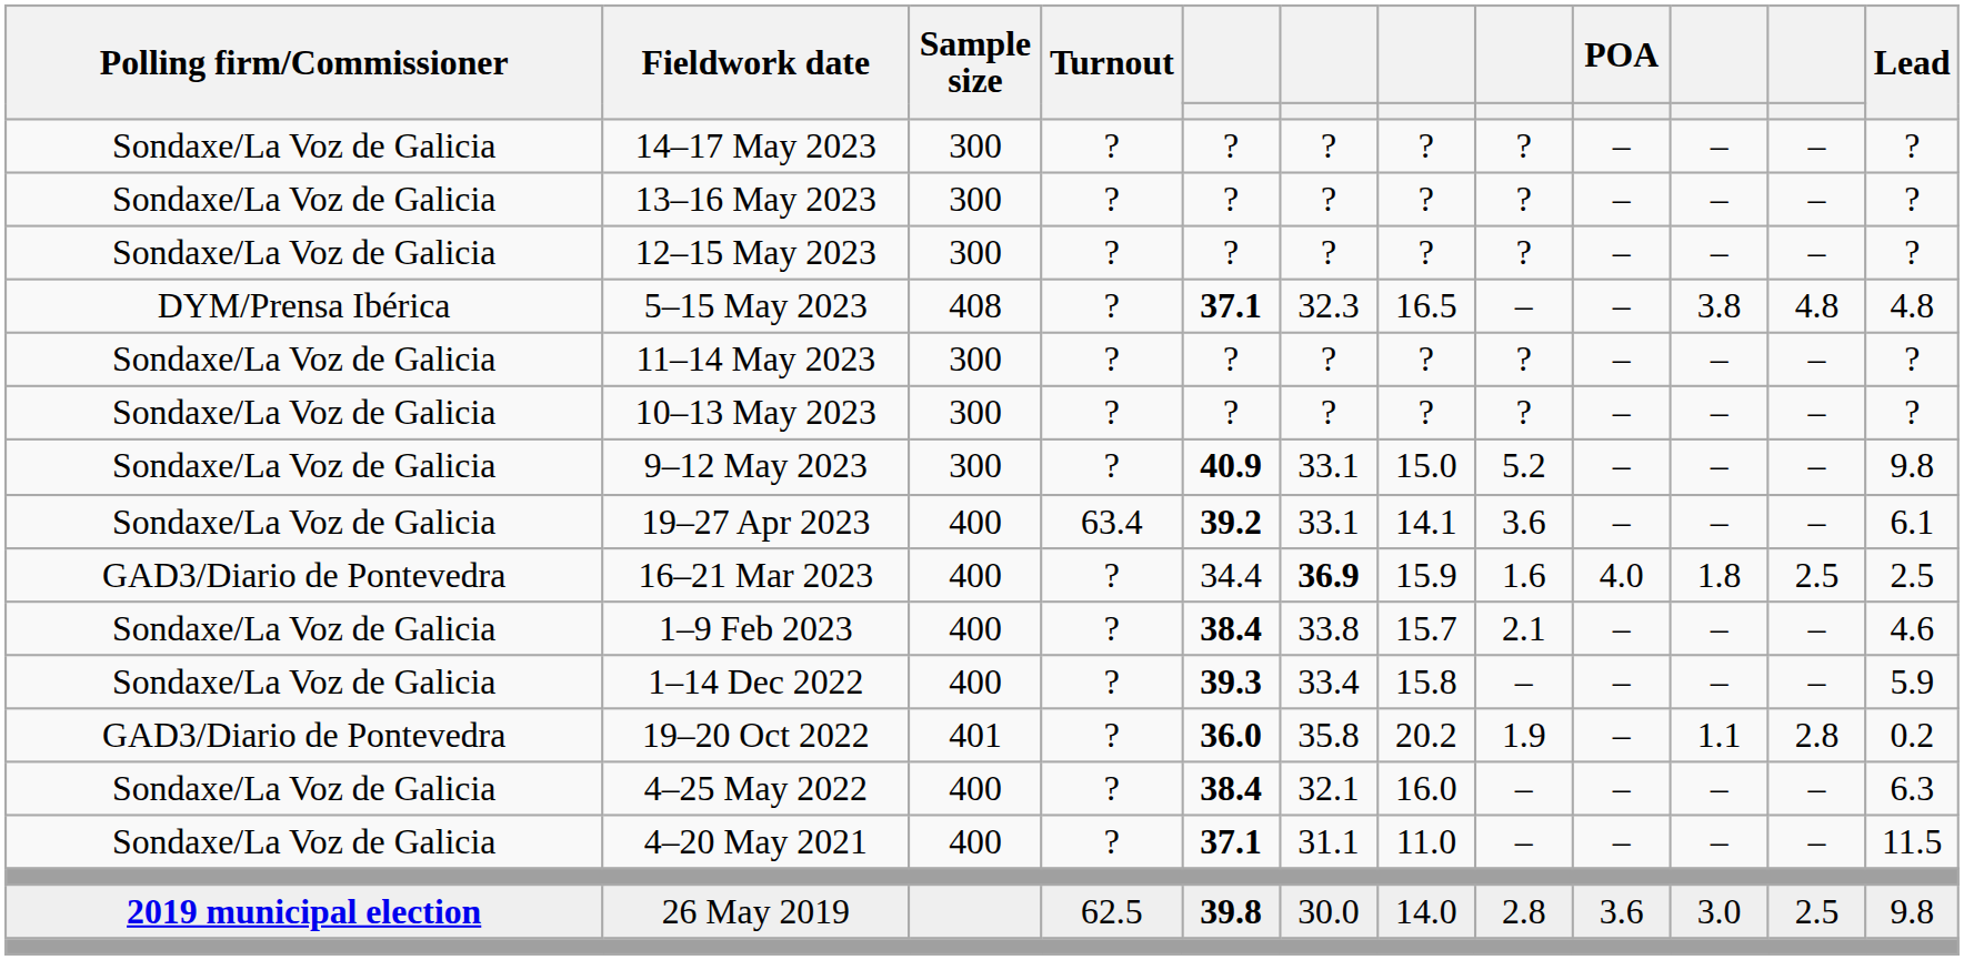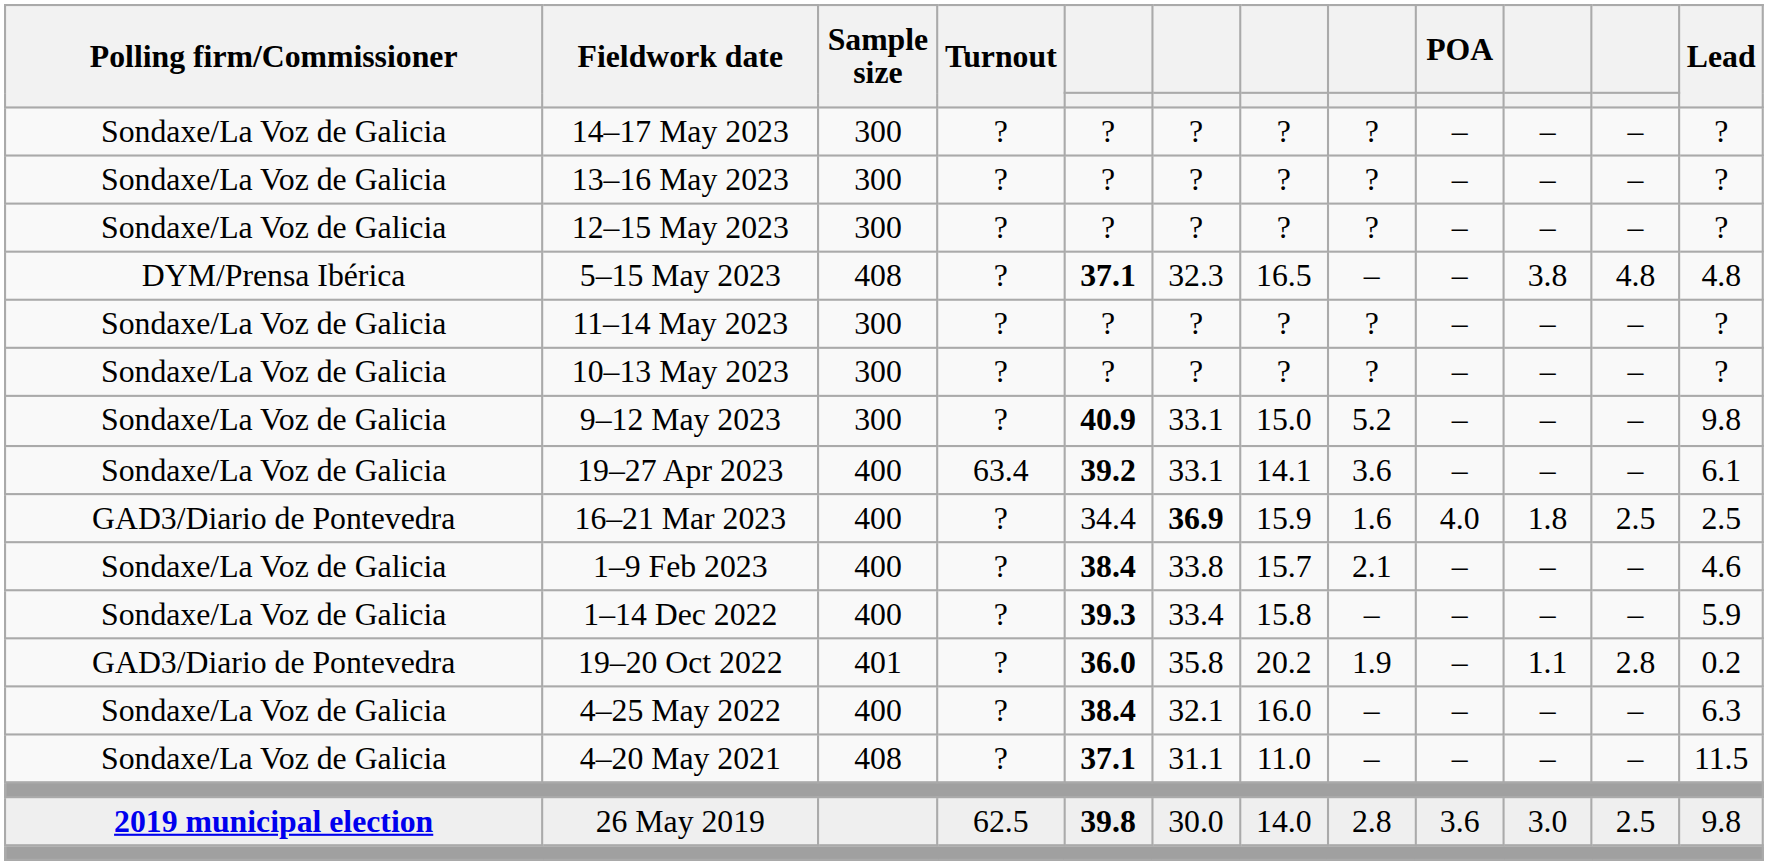 <table class="wikitable collapsible collapsed" style="text-align:center; font-size:95%; line-height:16px;">
 <tr style="height:42px;">
 <th style="width:250px;" rowspan="2">Polling firm/Commissioner</th>
 <th style="width:125px;" rowspan="2">Fieldwork date</th>
 <th style="width:50px;" rowspan="2">Sample size</th>
 <th style="width:45px;" rowspan="2">Turnout</th>
 <th style="width:35px;"></th>
 <th style="width:35px;"></th>
 <th style="width:35px;"></th>
 <th style="width:35px;"></th>
 <th style="width:35px;">POA</th>
 <th style="width:35px;"></th>
 <th style="width:35px;"></th>
 <th style="width:30px;" rowspan="2">Lead</th>
 </tr>
 <tr>
 <th style="color:inherit;background:"></th>
 <th style="color:inherit;background:"></th>
 <th style="color:inherit;background:"></th>
 <th style="color:inherit;background:"></th>
 <th style="color:inherit;background:"></th>
 <th style="color:inherit;background:"></th>
 <th style="color:inherit;background:"></th>
 </tr>
 <tr>
 <td>Sondaxe/La Voz de Galicia</td>
 <td>14–17 May 2023</td>
 <td>300</td>
 <td>?</td>
 <td>?<br></td>
 <td>?<br></td>
 <td>?<br></td>
 <td>?<br></td>
 <td>–</td>
 <td>–</td>
 <td>–</td>
 <td style="background:">?</td>
 </tr>
 <tr>
 <td>Sondaxe/La Voz de Galicia</td>
 <td>13–16 May 2023</td>
 <td>300</td>
 <td>?</td>
 <td>?<br></td>
 <td>?<br></td>
 <td>?<br></td>
 <td>?<br></td>
 <td>–</td>
 <td>–</td>
 <td>–</td>
 <td style="background:">?</td>
 </tr>
 <tr>
 <td>Sondaxe/La Voz de Galicia</td>
 <td>12–15 May 2023</td>
 <td>300</td>
 <td>?</td>
 <td>?<br></td>
 <td>?<br></td>
 <td>?<br></td>
 <td>?<br></td>
 <td>–</td>
 <td>–</td>
 <td>–</td>
 <td style="background:">?</td>
 </tr>
 <tr>
 <td>DYM/Prensa Ibérica</td>
 <td>5–15 May 2023</td>
 <td>408</td>
 <td>?</td>
 <td><strong>37.1</strong><br></td>
 <td>32.3<br></td>
 <td>16.5<br></td>
 <td>–</td>
 <td>–</td>
 <td>3.8<br></td>
 <td>4.8<br></td>
 <td style="background:">4.8</td>
 </tr>
 <tr>
 <td>Sondaxe/La Voz de Galicia</td>
 <td>11–14 May 2023</td>
 <td>300</td>
 <td>?</td>
 <td>?<br></td>
 <td>?<br></td>
 <td>?<br></td>
 <td>?<br></td>
 <td>–</td>
 <td>–</td>
 <td>–</td>
 <td style="background:">?</td>
 </tr>
 <tr>
 <td>Sondaxe/La Voz de Galicia</td>
 <td>10–13 May 2023</td>
 <td>300</td>
 <td>?</td>
 <td>?<br></td>
 <td>?<br></td>
 <td>?<br></td>
 <td>?<br></td>
 <td>–</td>
 <td>–</td>
 <td>–</td>
 <td style="background:">?</td>
 </tr>
 <tr>
 <td>Sondaxe/La Voz de Galicia</td>
 <td>9–12 May 2023</td>
 <td>300</td>
 <td>?</td>
 <td><strong>40.9</strong><br></td>
 <td>33.1<br></td>
 <td>15.0<br></td>
 <td>5.2<br></td>
 <td>–</td>
 <td>–</td>
 <td>–</td>
 <td style="background:">9.8</td>
 </tr>
 <tr>
 <td>Sondaxe/La Voz de Galicia</td>
 <td>19–27 Apr 2023</td>
 <td>400</td>
 <td>63.4</td>
 <td><strong>39.2</strong><br></td>
 <td>33.1<br></td>
 <td>14.1<br></td>
 <td>3.6<br></td>
 <td>–</td>
 <td>–</td>
 <td>–</td>
 <td style="background:">6.1</td>
 </tr>
 <tr>
 <td>GAD3/Diario de Pontevedra</td>
 <td>16–21 Mar 2023</td>
 <td>400</td>
 <td>?</td>
 <td>34.4<br></td>
 <td><strong>36.9</strong><br></td>
 <td>15.9<br></td>
 <td>1.6<br></td>
 <td>4.0<br></td>
 <td>1.8<br></td>
 <td>2.5<br></td>
 <td style="background:">2.5</td>
 </tr>
 <tr>
 <td>Sondaxe/La Voz de Galicia</td>
 <td>1–9 Feb 2023</td>
 <td>400</td>
 <td>?</td>
 <td><strong>38.4</strong><br></td>
 <td>33.8<br></td>
 <td>15.7<br></td>
 <td>2.1<br></td>
 <td>–</td>
 <td>–</td>
 <td>–</td>
 <td style="background:">4.6</td>
 </tr>
 <tr>
 <td>Sondaxe/La Voz de Galicia</td>
 <td>1–14 Dec 2022</td>
 <td>400</td>
 <td>?</td>
 <td><strong>39.3</strong><br></td>
 <td>33.4<br></td>
 <td>15.8<br></td>
 <td>–</td>
 <td>–</td>
 <td>–</td>
 <td>–</td>
 <td style="background:">5.9</td>
 </tr>
 <tr>
 <td>GAD3/Diario de Pontevedra</td>
 <td>19–20 Oct 2022</td>
 <td>401</td>
 <td>?</td>
 <td><strong>36.0</strong><br></td>
 <td>35.8<br></td>
 <td>20.2<br></td>
 <td>1.9<br></td>
 <td>–</td>
 <td>1.1<br></td>
 <td>2.8<br></td>
 <td style="background:">0.2</td>
 </tr>
 <tr>
 <td>Sondaxe/La Voz de Galicia</td>
 <td>4–25 May 2022</td>
 <td>400</td>
 <td>?</td>
 <td><strong>38.4</strong><br></td>
 <td>32.1<br></td>
 <td>16.0<br></td>
 <td>–</td>
 <td>–</td>
 <td>–</td>
 <td>–</td>
 <td style="background:">6.3</td>
 </tr>
 <tr>
 <td>Sondaxe/La Voz de Galicia</td>
 <td>4–20 May 2021</td>
-<td>400</td>
+<td>408</td>
 <td>?</td>
 <td><strong>37.1</strong><br></td>
 <td>31.1<br></td>
 <td>11.0<br></td>
 <td>–</td>
 <td>–</td>
 <td>–</td>
 <td>–</td>
 <td style="background:">11.5</td>
 </tr>
 <tr>
 <td colspan="12" style="background:#A0A0A0"></td>
 </tr>
 <tr style="background:#EFEFEF;">
 <td><strong><a href='#'>2019 municipal election</a></strong></td>
 <td>26 May 2019</td>
 <td></td>
 <td>62.5</td>
 <td><strong>39.8</strong><br></td>
 <td>30.0<br></td>
 <td>14.0<br></td>
 <td>2.8<br></td>
 <td>3.6<br></td>
 <td>3.0<br></td>
 <td>2.5<br></td>
 <td style="background:">9.8</td>
 </tr>
 <tr>
 <td colspan="12" style="background:#A0A0A0"></td>
 </tr>
 </table>
